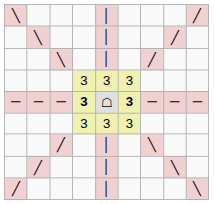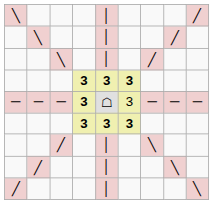 <table border="1" class="wikitable">
 <tr align=center>
 <td width="20" style="background:#f0d0d0;">╲</td>
 <td width="20"> </td>
 <td width="20"> </td>
 <td width="20"> </td>
 <td width="20" style="background:#f0d0d0;">│</td>
 <td width="20"> </td>
 <td width="20"> </td>
 <td width="20"> </td>
 <td width="20" style="background:#f0d0d0;">╱</td>
 </tr>
 <tr align=center>
 <td> </td>
 <td style="background:#f0d0d0;">╲</td>
 <td> </td>
 <td> </td>
 <td style="background:#f0d0d0;">│</td>
 <td> </td>
 <td> </td>
 <td style="background:#f0d0d0;">╱</td>
 <td> </td>
 </tr>
 <tr align=center>
 <td> </td>
 <td> </td>
 <td style="background:#f0d0d0;">╲</td>
 <td> </td>
 <td style="background:#f0d0d0;">│</td>
 <td> </td>
 <td style="background:#f0d0d0;">╱</td>
 <td> </td>
 <td> </td>
 </tr>
 <tr align=center>
 <td> </td>
 <td> </td>
 <td> </td>
-<td style="background:#f0f0b0;">3</td>
-<td style="background:#f0f0b0;">3</td>
-<td style="background:#f0f0b0;">3</td>
+<td style="background:#f0f0b0;"><strong>3</strong></td>
+<td style="background:#f0f0b0;"><strong>3</strong></td>
+<td style="background:#f0f0b0;"><strong>3</strong></td>
 <td> </td>
 <td> </td>
 <td> </td>
 </tr>
 <tr align=center>
 <td style="background:#f0d0d0;">─</td>
 <td style="background:#f0d0d0;">─</td>
 <td style="background:#f0d0d0;">─</td>
 <td style="background:#f0f0b0;"><strong>3</strong></td>
 <td style="background:#e0e0e0;">☖</td>
-<td style="background:#f0f0b0;"><strong>3</strong></td>
+<td style="background:#f0f0b0;">3</td>
 <td style="background:#f0d0d0;">─</td>
 <td style="background:#f0d0d0;">─</td>
 <td style="background:#f0d0d0;">─</td>
 </tr>
 <tr align=center>
 <td> </td>
 <td> </td>
 <td> </td>
-<td style="background:#f0f0b0;">3</td>
-<td style="background:#f0f0b0;">3</td>
-<td style="background:#f0f0b0;">3</td>
+<td style="background:#f0f0b0;"><strong>3</strong></td>
+<td style="background:#f0f0b0;"><strong>3</strong></td>
+<td style="background:#f0f0b0;"><strong>3</strong></td>
 <td> </td>
 <td> </td>
 <td> </td>
 </tr>
 <tr align=center>
 <td> </td>
 <td> </td>
 <td style="background:#f0d0d0;">╱</td>
 <td> </td>
 <td style="background:#f0d0d0;">│</td>
 <td> </td>
 <td style="background:#f0d0d0;">╲</td>
 <td> </td>
 <td> </td>
 </tr>
 <tr align=center>
 <td> </td>
 <td style="background:#f0d0d0;">╱</td>
 <td> </td>
 <td> </td>
 <td style="background:#f0d0d0;">│</td>
 <td> </td>
 <td> </td>
 <td style="background:#f0d0d0;">╲</td>
 <td> </td>
 </tr>
 <tr align=center>
 <td style="background:#f0d0d0;">╱</td>
 <td> </td>
 <td> </td>
 <td> </td>
 <td style="background:#f0d0d0;">│</td>
 <td> </td>
 <td> </td>
 <td> </td>
 <td style="background:#f0d0d0;">╲</td>
 </tr>
 </table>
